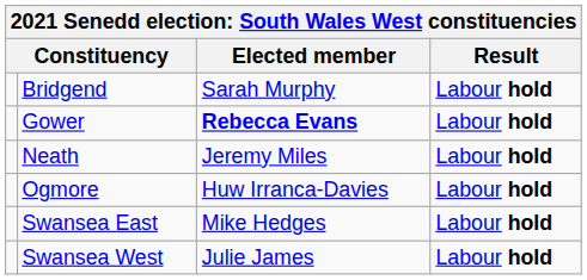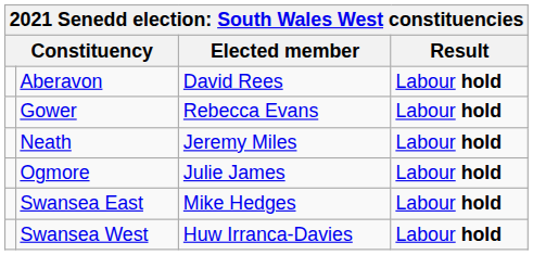 <table class="wikitable">
 <tr>
 <th colspan="4">2021 Senedd election: <a href='#'>South Wales West</a> constituencies</th>
 </tr>
 <tr>
 <th colspan="2">Constituency</th>
 <th>Elected member</th>
 <th>Result</th>
 </tr>
 <tr>
 <td style="background-color: "></td>
-<td><a href='#'>Bridgend</a></td>
-<td><a href='#'>Sarah Murphy</a></td>
+<td><a href='#'>Aberavon</a></td>
+<td><a href='#'>David Rees</a></td>
 <td><a href='#'>Labour</a> <strong>hold</strong></td>
 </tr>
 <tr>
 <td style="background-color: "></td>
 <td><a href='#'>Gower</a></td>
-<td><strong><a href='#'>Rebecca Evans</a></strong></td>
+<td><a href='#'>Rebecca Evans</a></td>
 <td><a href='#'>Labour</a> <strong>hold</strong></td>
 </tr>
 <tr>
 <td style="background-color: "></td>
 <td><a href='#'>Neath</a></td>
 <td><a href='#'>Jeremy Miles</a></td>
 <td><a href='#'>Labour</a> <strong>hold</strong></td>
 </tr>
 <tr>
 <td style="background-color: "></td>
 <td><a href='#'>Ogmore</a></td>
-<td><a href='#'>Huw Irranca-Davies</a></td>
+<td><a href='#'>Julie James</a></td>
 <td><a href='#'>Labour</a> <strong>hold</strong></td>
 </tr>
 <tr>
 <td style="background-color: "></td>
 <td><a href='#'>Swansea East</a></td>
 <td><a href='#'>Mike Hedges</a></td>
 <td><a href='#'>Labour</a> <strong>hold</strong></td>
 </tr>
 <tr>
 <td style="background-color: "></td>
 <td><a href='#'>Swansea West</a></td>
-<td><a href='#'>Julie James</a></td>
+<td><a href='#'>Huw Irranca-Davies</a></td>
 <td><a href='#'>Labour</a> <strong>hold</strong></td>
 </tr>
 </table>
